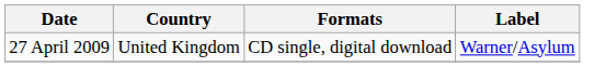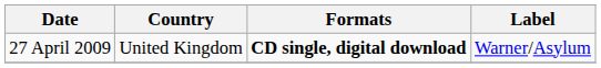 <table class="wikitable">
 <tr>
 <th>Date</th>
 <th>Country</th>
 <th>Formats</th>
 <th>Label</th>
 </tr>
 <tr>
 <td>27 April 2009</td>
 <td>United Kingdom</td>
-<td>CD single, digital download</td>
+<td><strong>CD single, digital download</strong></td>
 <td><a href='#'>Warner</a>/<a href='#'>Asylum</a></td>
 </tr>
 <tr>
 </tr>
 </table>
